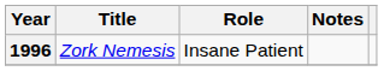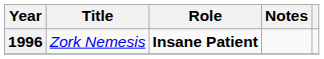 <table class="wikitable plainrowheaders sortable" style="margin-right: 0;">
 <tr>
 <th scope="col">Year</th>
 <th scope="col">Title</th>
 <th scope="col">Role</th>
 <th scope="col" class="unsortable">Notes</th>
 <th scope="col" class="unsortable"></th>
 </tr>
 <tr>
 <th scope="row">1996</th>
 <td><em><a href='#'>Zork Nemesis</a></em></td>
-<td>Insane Patient</td>
+<td><strong>Insane Patient</strong></td>
 <td></td>
 <td style="text-align:center;"></td>
 </tr>
 <tr>
 </tr>
 </table>
